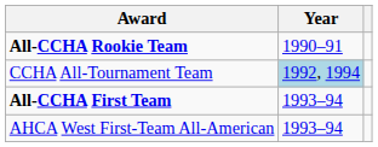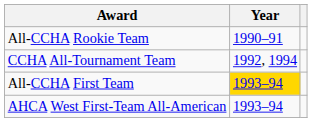 <table class="wikitable">
 <tr>
 <th>Award</th>
 <th>Year</th>
 <th></th>
 </tr>
 <tr>
-<td><strong>All-<a href='#'>CCHA</a> <a href='#'>Rookie Team</a></strong></td>
+<td>All-<a href='#'>CCHA</a> <a href='#'>Rookie Team</a></td>
 <td><a href='#'>1990–91</a></td>
 <td></td>
 </tr>
 <tr>
 <td><a href='#'>CCHA</a> <a href='#'>All-Tournament Team</a></td>
-<td style="background: lightblue;"><a href='#'>1992</a>, <a href='#'>1994</a></td>
+<td><a href='#'>1992</a>, <a href='#'>1994</a></td>
 <td></td>
 </tr>
 <tr>
-<td><strong>All-<a href='#'>CCHA</a> <a href='#'>First Team</a></strong></td>
-<td><a href='#'>1993–94</a></td>
+<td>All-<a href='#'>CCHA</a> <a href='#'>First Team</a></td>
+<td style="background: gold;"><a href='#'>1993–94</a></td>
 <td></td>
 </tr>
 <tr>
 <td><a href='#'>AHCA</a> <a href='#'>West First-Team All-American</a></td>
 <td><a href='#'>1993–94</a></td>
 <td></td>
 </tr>
 </table>
